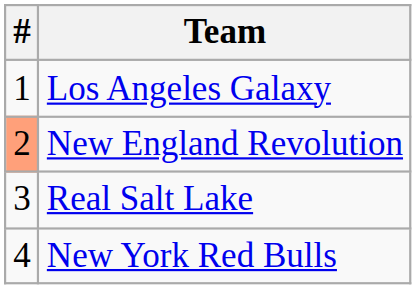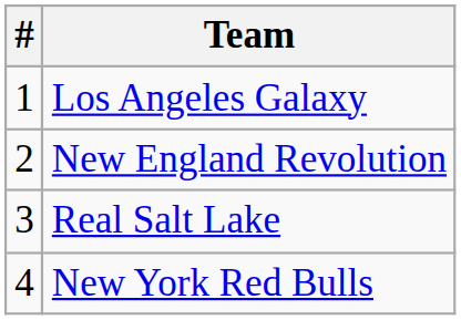 <table class="wikitable">
 <tr>
 <th>#</th>
 <th>Team</th>
 </tr>
 <tr>
 <td>1</td>
 <td><a href='#'>Los Angeles Galaxy</a></td>
 </tr>
 <tr>
-<td style="background: lightsalmon;">2</td>
+<td>2</td>
 <td><a href='#'>New England Revolution</a></td>
 </tr>
 <tr>
 <td>3</td>
 <td><a href='#'>Real Salt Lake</a></td>
 </tr>
 <tr>
 <td>4</td>
 <td><a href='#'>New York Red Bulls</a></td>
 </tr>
 </table>
